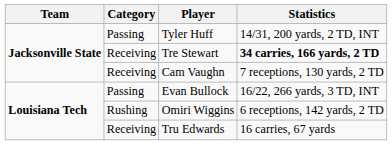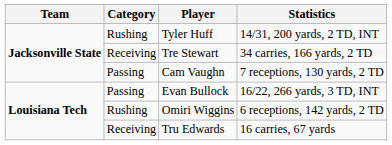 <table class="wikitable" style="float: right;">
 <tr>
 <th>Team</th>
 <th>Category</th>
 <th>Player</th>
 <th>Statistics</th>
 </tr>
 <tr>
 <td rowspan=3><strong>Jacksonville State</strong></td>
-<td>Passing</td>
+<td>Rushing</td>
 <td>Tyler Huff</td>
 <td>14/31, 200 yards, 2 TD, INT</td>
 </tr>
 <tr>
 <td>Receiving</td>
 <td>Tre Stewart</td>
-<td><strong>34 carries, 166 yards, 2 TD</strong></td>
+<td>34 carries, 166 yards, 2 TD</td>
 </tr>
 <tr>
-<td>Receiving</td>
+<td>Passing</td>
 <td>Cam Vaughn</td>
 <td>7 receptions, 130 yards, 2 TD</td>
 </tr>
 <tr>
 <td rowspan=3><strong>Louisiana Tech</strong></td>
 <td>Passing</td>
 <td>Evan Bullock</td>
 <td>16/22, 266 yards, 3 TD, INT</td>
 </tr>
 <tr>
 <td>Rushing</td>
 <td>Omiri Wiggins</td>
 <td>6 receptions, 142 yards, 2 TD</td>
 </tr>
 <tr>
 <td>Receiving</td>
 <td>Tru Edwards</td>
 <td>16 carries, 67 yards</td>
 </tr>
 </table>
